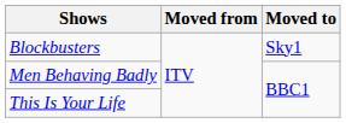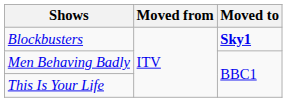 <table class="wikitable">
 <tr>
 <th>Shows</th>
 <th>Moved from</th>
 <th>Moved to</th>
 </tr>
 <tr>
 <td><em><a href='#'>Blockbusters</a></em></td>
 <td rowspan=8><a href='#'>ITV</a></td>
-<td><a href='#'>Sky1</a></td>
+<td><strong><a href='#'>Sky1</a></strong></td>
 </tr>
 <tr>
 <td><em><a href='#'>Men Behaving Badly</a></em></td>
 <td rowspan=2><a href='#'>BBC1</a></td>
 </tr>
 <tr>
 <td><em><a href='#'>This Is Your Life</a></em></td>
 </tr>
 </table>
